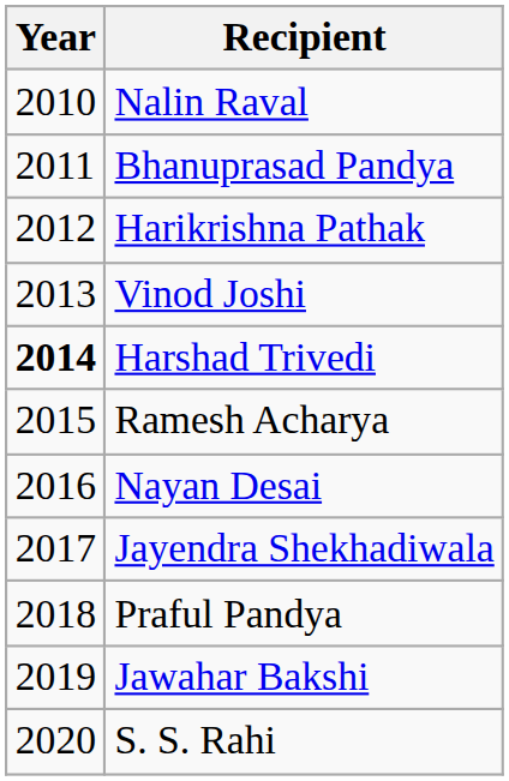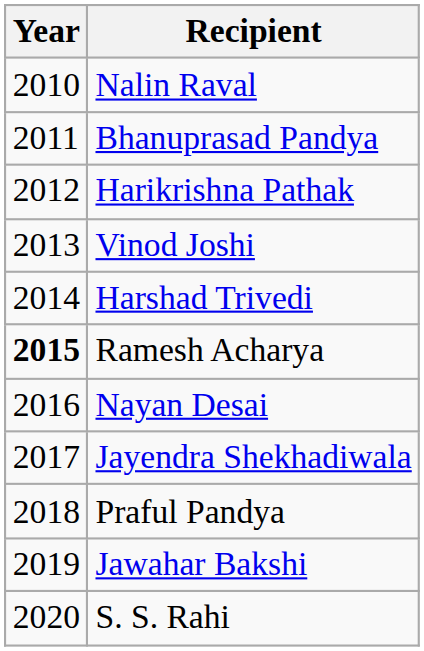 <table class="wikitable">
 <tr>
 <th>Year</th>
 <th>Recipient</th>
 </tr>
 <tr>
 <td>2010</td>
 <td><a href='#'>Nalin Raval</a></td>
 </tr>
 <tr>
 <td>2011</td>
 <td><a href='#'>Bhanuprasad Pandya</a></td>
 </tr>
 <tr>
 <td>2012</td>
 <td><a href='#'>Harikrishna Pathak</a></td>
 </tr>
 <tr>
 <td>2013</td>
 <td><a href='#'>Vinod Joshi</a></td>
 </tr>
 <tr>
-<td><strong>2014</strong></td>
+<td>2014</td>
 <td><a href='#'>Harshad Trivedi</a></td>
 </tr>
 <tr>
-<td>2015</td>
+<td><strong>2015</strong></td>
 <td>Ramesh Acharya</td>
 </tr>
 <tr>
 <td>2016</td>
 <td><a href='#'>Nayan Desai</a></td>
 </tr>
 <tr>
 <td>2017</td>
 <td><a href='#'>Jayendra Shekhadiwala</a></td>
 </tr>
 <tr>
 <td>2018</td>
 <td>Praful Pandya</td>
 </tr>
 <tr>
 <td>2019</td>
 <td><a href='#'>Jawahar Bakshi</a></td>
 </tr>
 <tr>
 <td>2020</td>
 <td>S. S. Rahi</td>
 </tr>
 </table>
